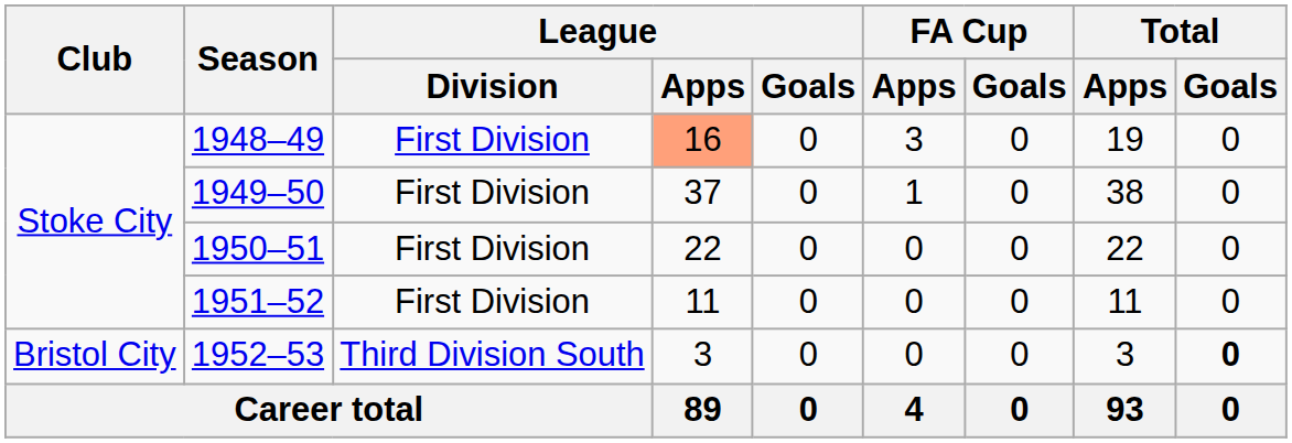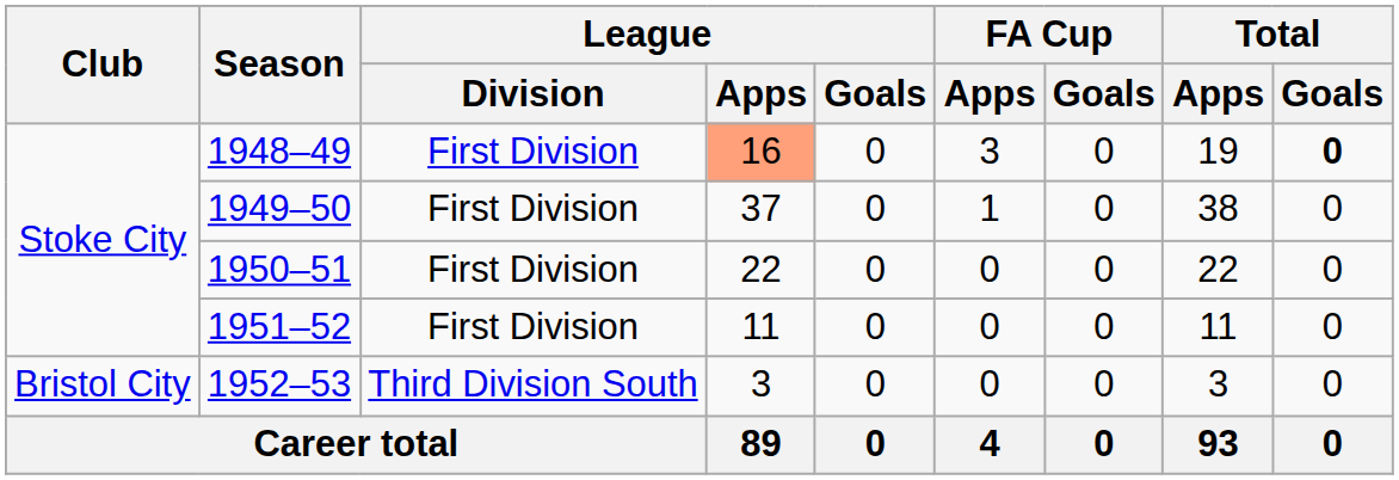 <table class="wikitable" style="text-align: center;">
 <tr>
 <th rowspan="2">Club</th>
 <th rowspan="2">Season</th>
 <th colspan="3">League</th>
 <th colspan="2">FA Cup</th>
 <th colspan="2">Total</th>
 </tr>
 <tr>
 <th>Division</th>
 <th>Apps</th>
 <th>Goals</th>
 <th>Apps</th>
 <th>Goals</th>
 <th>Apps</th>
 <th>Goals</th>
 </tr>
 <tr>
 <td rowspan="4"><a href='#'>Stoke City</a></td>
 <td><a href='#'>1948–49</a></td>
 <td><a href='#'>First Division</a></td>
 <td style="background: lightsalmon;">16</td>
 <td>0</td>
 <td>3</td>
 <td>0</td>
 <td>19</td>
-<td>0</td>
+<td><strong>0</strong></td>
 </tr>
 <tr>
 <td><a href='#'>1949–50</a></td>
 <td>First Division</td>
 <td>37</td>
 <td>0</td>
 <td>1</td>
 <td>0</td>
 <td>38</td>
 <td>0</td>
 </tr>
 <tr>
 <td><a href='#'>1950–51</a></td>
 <td>First Division</td>
 <td>22</td>
 <td>0</td>
 <td>0</td>
 <td>0</td>
 <td>22</td>
 <td>0</td>
 </tr>
 <tr>
 <td><a href='#'>1951–52</a></td>
 <td>First Division</td>
 <td>11</td>
 <td>0</td>
 <td>0</td>
 <td>0</td>
 <td>11</td>
 <td>0</td>
 </tr>
 <tr>
 <td><a href='#'>Bristol City</a></td>
 <td><a href='#'>1952–53</a></td>
 <td><a href='#'>Third Division South</a></td>
 <td>3</td>
 <td>0</td>
 <td>0</td>
 <td>0</td>
 <td>3</td>
-<td><strong>0</strong></td>
+<td>0</td>
 </tr>
 <tr>
 <th colspan="3">Career total</th>
 <th>89</th>
 <th>0</th>
 <th>4</th>
 <th>0</th>
 <th>93</th>
 <th>0</th>
 </tr>
 </table>
